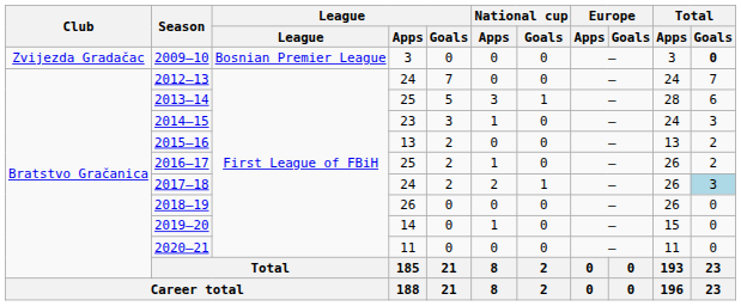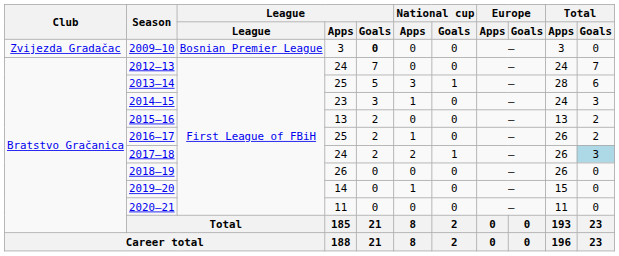 <table class="wikitable" style="text-align:center">
 <tr>
 <th rowspan="2">Club</th>
 <th rowspan="2">Season</th>
 <th colspan="3">League</th>
 <th colspan="2">National cup</th>
 <th colspan="2">Europe</th>
 <th colspan="2">Total</th>
 </tr>
 <tr>
 <th>League</th>
 <th>Apps</th>
 <th>Goals</th>
 <th>Apps</th>
 <th>Goals</th>
 <th>Apps</th>
 <th>Goals</th>
 <th>Apps</th>
 <th>Goals</th>
 </tr>
 <tr>
 <td><a href='#'>Zvijezda Gradačac</a></td>
 <td><a href='#'>2009–10</a></td>
 <td><a href='#'>Bosnian Premier League</a></td>
 <td>3</td>
-<td>0</td>
+<td><strong>0</strong></td>
 <td>0</td>
 <td>0</td>
 <td colspan="2">—</td>
 <td>3</td>
-<td><strong>0</strong></td>
+<td>0</td>
 </tr>
 <tr>
 <td rowspan="10"><a href='#'>Bratstvo Gračanica</a></td>
 <td><a href='#'>2012–13</a></td>
 <td rowspan="9"><a href='#'>First League of FBiH</a></td>
 <td>24</td>
 <td>7</td>
 <td>0</td>
 <td>0</td>
 <td colspan="2">—</td>
 <td>24</td>
 <td>7</td>
 </tr>
 <tr>
 <td><a href='#'>2013–14</a></td>
 <td>25</td>
 <td>5</td>
 <td>3</td>
 <td>1</td>
 <td colspan="2">–</td>
 <td>28</td>
 <td>6</td>
 </tr>
 <tr>
 <td><a href='#'>2014–15</a></td>
 <td>23</td>
 <td>3</td>
 <td>1</td>
 <td>0</td>
 <td colspan="2">–</td>
 <td>24</td>
 <td>3</td>
 </tr>
 <tr>
 <td><a href='#'>2015–16</a></td>
 <td>13</td>
 <td>2</td>
 <td>0</td>
 <td>0</td>
 <td colspan="2">–</td>
 <td>13</td>
 <td>2</td>
 </tr>
 <tr>
 <td><a href='#'>2016–17</a></td>
 <td>25</td>
 <td>2</td>
 <td>1</td>
 <td>0</td>
 <td colspan="2">–</td>
 <td>26</td>
 <td>2</td>
 </tr>
 <tr>
 <td><a href='#'>2017–18</a></td>
 <td>24</td>
 <td>2</td>
 <td>2</td>
 <td>1</td>
 <td colspan="2">–</td>
 <td>26</td>
 <td style="background: lightblue;">3</td>
 </tr>
 <tr>
 <td><a href='#'>2018–19</a></td>
 <td>26</td>
 <td>0</td>
 <td>0</td>
 <td>0</td>
 <td colspan="2">–</td>
 <td>26</td>
 <td>0</td>
 </tr>
 <tr>
 <td><a href='#'>2019–20</a></td>
 <td>14</td>
 <td>0</td>
 <td>1</td>
 <td>0</td>
 <td colspan="2">–</td>
 <td>15</td>
 <td>0</td>
 </tr>
 <tr>
 <td><a href='#'>2020–21</a></td>
 <td>11</td>
 <td>0</td>
 <td>0</td>
 <td>0</td>
 <td colspan="2">–</td>
 <td>11</td>
 <td>0</td>
 </tr>
 <tr>
 <th colspan="2">Total</th>
 <th>185</th>
 <th>21</th>
 <th>8</th>
 <th>2</th>
 <th>0</th>
 <th>0</th>
 <th>193</th>
 <th>23</th>
 </tr>
 <tr>
 <th colspan="3">Career total</th>
 <th>188</th>
 <th>21</th>
 <th>8</th>
 <th>2</th>
 <th>0</th>
 <th>0</th>
 <th>196</th>
 <th>23</th>
 </tr>
 </table>
